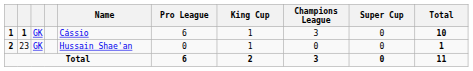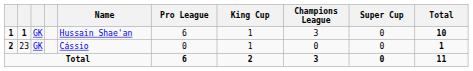 <table class="wikitable" style="text-align:center">
 <tr>
 <th width=15></th>
 <th width=15></th>
 <th width=15></th>
 <th width=15></th>
 <th width=145>Name</th>
 <th width=100>Pro League</th>
 <th width=100>King Cup</th>
 <th width=100>Champions League</th>
 <th width=100>Super Cup</th>
 <th width=80>Total</th>
 </tr>
 <tr>
 <td><strong>1</strong></td>
 <td><strong>1</strong></td>
 <td><a href='#'>GK</a></td>
 <td></td>
-<td align=left><a href='#'>Cássio</a></td>
+<td align=left><a href='#'>Hussain Shae'an</a></td>
 <td>6</td>
 <td>1</td>
 <td>3</td>
 <td>0</td>
 <td><strong>10</strong></td>
 </tr>
 <tr>
 <td><strong>2</strong></td>
 <td>23</td>
 <td><a href='#'>GK</a></td>
 <td></td>
-<td align=left><a href='#'>Hussain Shae'an</a></td>
+<td align=left><a href='#'>Cássio</a></td>
 <td>0</td>
 <td>1</td>
 <td>0</td>
 <td>0</td>
 <td><strong>1</strong></td>
 </tr>
 <tr>
 <td colspan=5><strong>Total</strong></td>
 <td><strong>6</strong></td>
 <td><strong>2</strong></td>
 <td><strong>3</strong></td>
 <td><strong>0</strong></td>
 <td><strong>11</strong></td>
 </tr>
 </table>
